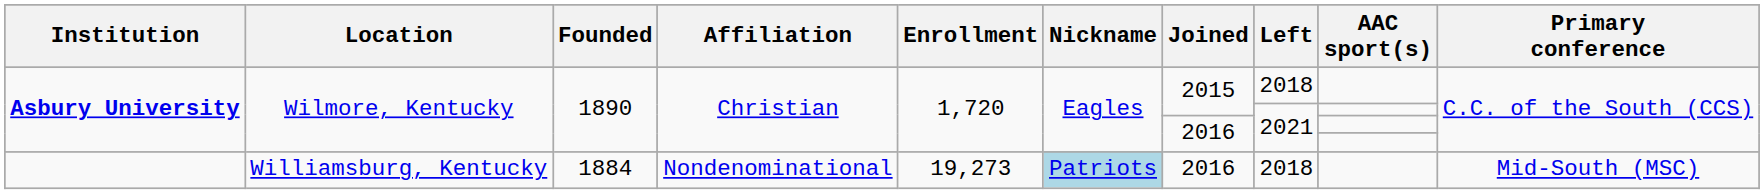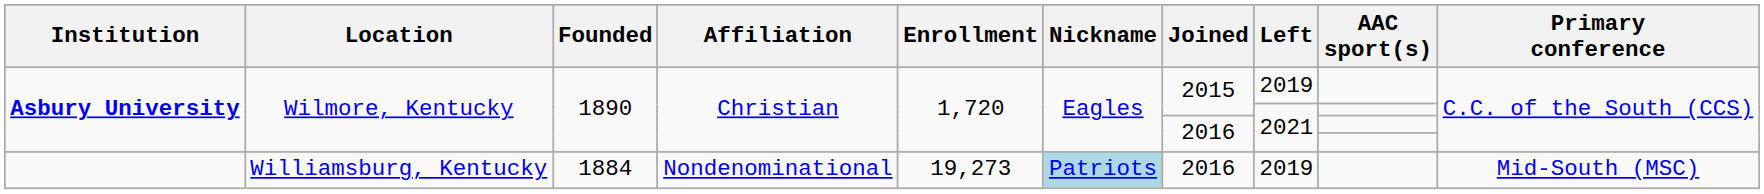 <table class="wikitable sortable" style="text-align:center">
 <tr>
 <th>Institution</th>
 <th>Location</th>
 <th>Founded</th>
 <th>Affiliation</th>
 <th>Enrollment</th>
 <th>Nickname</th>
 <th>Joined</th>
 <th>Left</th>
 <th>AAC<br>sport(s)</th>
 <th>Primary<br>conference</th>
 </tr>
 <tr>
 <td rowspan=4><strong><a href='#'>Asbury University</a></strong></td>
 <td rowspan=4><a href='#'>Wilmore, Kentucky</a></td>
 <td rowspan=4>1890</td>
 <td rowspan=4><a href='#'>Christian</a></td>
 <td rowspan=4>1,720</td>
 <td rowspan=4><a href='#'>Eagles</a></td>
 <td rowspan=2>2015</td>
-<td>2018</td>
+<td>2019</td>
 <td></td>
 <td rowspan=4><a href='#'>C.C. of the South (CCS)</a></td>
 </tr>
 <tr>
 <td rowspan=3>2021</td>
 <td></td>
 </tr>
 <tr>
 <td rowspan=2>2016</td>
 <td></td>
 </tr>
 <tr>
 <td></td>
 </tr>
 <tr>
 <td></td>
 <td><a href='#'>Williamsburg, Kentucky</a></td>
 <td>1884</td>
 <td><a href='#'>Nondenominational</a></td>
 <td>19,273</td>
 <td style="background: lightblue;"><a href='#'>Patriots</a></td>
 <td>2016</td>
-<td>2018</td>
+<td>2019</td>
 <td></td>
 <td><a href='#'>Mid-South (MSC)</a></td>
 </tr>
 </table>
